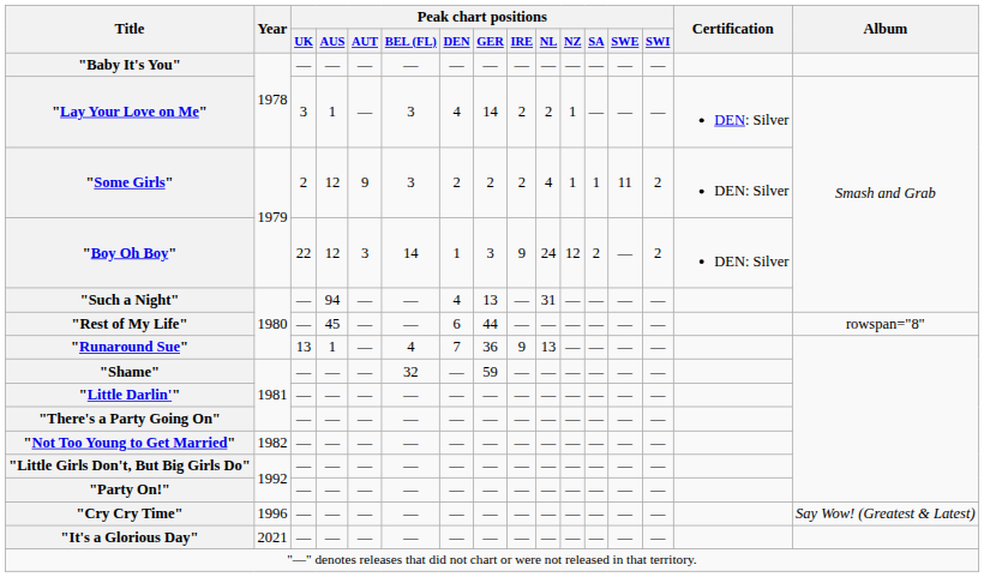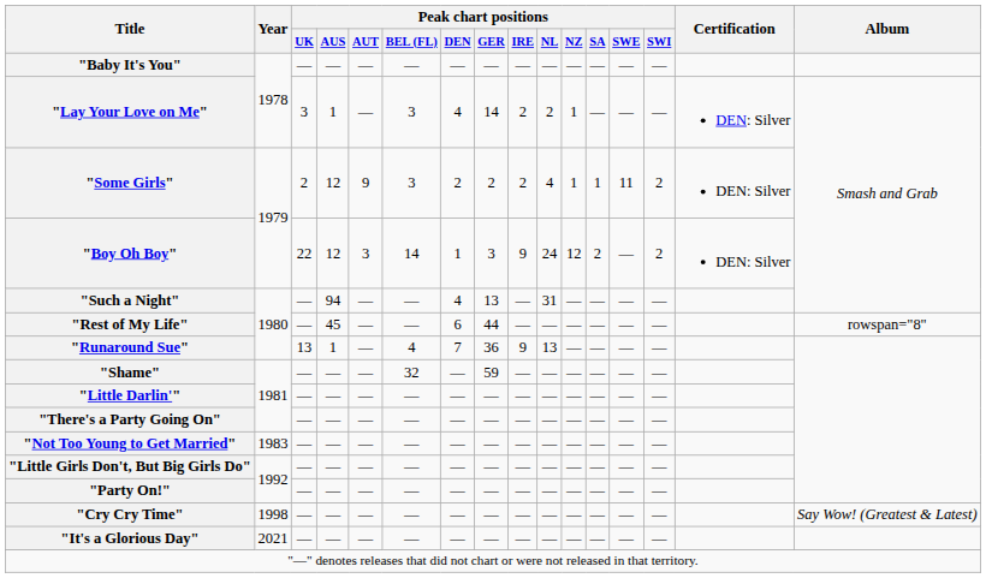 <table class="wikitable plainrowheaders" style="text-align:center;">
 <tr>
 <th rowspan="2">Title</th>
 <th rowspan="2">Year</th>
 <th colspan="12">Peak chart positions</th>
 <th rowspan="2">Certification</th>
 <th rowspan="2">Album</th>
 </tr>
 <tr>
 <th scope="col"><small><a href='#'>UK</a></small><br></th>
 <th scope="col"><small><a href='#'>AUS</a></small><br></th>
 <th><small><a href='#'>AUT</a></small><br></th>
 <th><small><a href='#'>BEL (FL)</a></small><br></th>
 <th><small><a href='#'>DEN</a></small><br></th>
 <th><small><a href='#'>GER</a></small><br></th>
 <th><small><a href='#'>IRE</a></small><br></th>
 <th><small><a href='#'>NL</a></small><br></th>
 <th><small><a href='#'>NZ</a></small><br></th>
 <th><small><a href='#'>SA</a></small><br></th>
 <th><small><a href='#'>SWE</a></small><br></th>
 <th><small><a href='#'>SWI</a></small><br></th>
 </tr>
 <tr>
 <th scope="row">"Baby It's You"</th>
 <td rowspan="2">1978</td>
 <td>—</td>
 <td>—</td>
 <td>—</td>
 <td>—</td>
 <td>—</td>
 <td>—</td>
 <td>—</td>
 <td>—</td>
 <td>—</td>
 <td>—</td>
 <td>—</td>
 <td>—</td>
 <td></td>
 <td></td>
 </tr>
 <tr>
 <th scope="row">"<a href='#'>Lay Your Love on Me</a>"</th>
 <td align="center">3</td>
 <td>1</td>
 <td>—</td>
 <td>3</td>
 <td>4</td>
 <td>14</td>
 <td>2</td>
 <td>2</td>
 <td>1</td>
 <td>—</td>
 <td>—</td>
 <td>—</td>
 <td><br><ul><li><a href='#'>DEN</a>: Silver</li></ul></td>
 <td rowspan="4"><em>Smash and Grab</em></td>
 </tr>
 <tr>
 <th scope="row">"<a href='#'>Some Girls</a>"</th>
 <td rowspan="2">1979</td>
 <td align="center">2</td>
 <td>12</td>
 <td>9</td>
 <td>3</td>
 <td>2</td>
 <td>2</td>
 <td>2</td>
 <td>4</td>
 <td>1</td>
 <td>1</td>
 <td>11</td>
 <td>2</td>
 <td><br><ul><li>DEN: Silver</li></ul></td>
 </tr>
 <tr>
 <th scope="row">"<a href='#'>Boy Oh Boy</a>"</th>
 <td align="center">22</td>
 <td>12</td>
 <td>3</td>
 <td>14</td>
 <td>1</td>
 <td>3</td>
 <td>9</td>
 <td>24</td>
 <td>12</td>
 <td>2</td>
 <td>—</td>
 <td>2</td>
 <td><br><ul><li>DEN: Silver</li></ul></td>
 </tr>
 <tr>
 <th scope="row">"Such a Night"</th>
 <td rowspan="3">1980</td>
 <td align="center">—</td>
 <td>94</td>
 <td>—</td>
 <td>—</td>
 <td>4</td>
 <td>13</td>
 <td>—</td>
 <td>31</td>
 <td>—</td>
 <td>—</td>
 <td>—</td>
 <td>—</td>
 <td></td>
 </tr>
 <tr>
 <th scope="row">"Rest of My Life"</th>
 <td align="center">—</td>
 <td>45</td>
 <td>—</td>
 <td>—</td>
 <td>6</td>
 <td>44</td>
 <td>—</td>
 <td>—</td>
 <td>—</td>
 <td>—</td>
 <td>—</td>
 <td>—</td>
 <td></td>
 <td>rowspan="8" </td>
 </tr>
 <tr>
 <th scope="row">"<a href='#'>Runaround Sue</a>"</th>
 <td align="center">13</td>
 <td>1</td>
 <td>—</td>
 <td>4</td>
 <td>7</td>
 <td>36</td>
 <td>9</td>
 <td>13</td>
 <td>—</td>
 <td>—</td>
 <td>—</td>
 <td>—</td>
 <td></td>
 </tr>
 <tr>
 <th scope="row">"Shame"</th>
 <td rowspan="3">1981</td>
 <td align="center">—</td>
 <td>—</td>
 <td>—</td>
 <td>32</td>
 <td>—</td>
 <td>59</td>
 <td>—</td>
 <td>—</td>
 <td>—</td>
 <td>—</td>
 <td>—</td>
 <td>—</td>
 <td></td>
 </tr>
 <tr>
 <th scope="row">"<a href='#'>Little Darlin'</a>"</th>
 <td>—</td>
 <td>—</td>
 <td>—</td>
 <td>—</td>
 <td>—</td>
 <td>—</td>
 <td>—</td>
 <td>—</td>
 <td>—</td>
 <td>—</td>
 <td>—</td>
 <td>—</td>
 <td></td>
 </tr>
 <tr>
 <th scope="row">"There's a Party Going On"</th>
 <td align="center">—</td>
 <td>—</td>
 <td>—</td>
 <td>—</td>
 <td>—</td>
 <td>—</td>
 <td>—</td>
 <td>—</td>
 <td>—</td>
 <td>—</td>
 <td>—</td>
 <td>—</td>
 <td></td>
 </tr>
 <tr>
 <th scope="row">"<a href='#'>Not Too Young to Get Married</a>"</th>
-<td>1982</td>
+<td>1983</td>
 <td>—</td>
 <td>—</td>
 <td>—</td>
 <td>—</td>
 <td>—</td>
 <td>—</td>
 <td>—</td>
 <td>—</td>
 <td>—</td>
 <td>—</td>
 <td>—</td>
 <td>—</td>
 <td></td>
 </tr>
 <tr>
 <th scope="row">"Little Girls Don't, But Big Girls Do"</th>
 <td rowspan="2">1992</td>
 <td>—</td>
 <td>—</td>
 <td>—</td>
 <td>—</td>
 <td>—</td>
 <td>—</td>
 <td>—</td>
 <td>—</td>
 <td>—</td>
 <td>—</td>
 <td>—</td>
 <td>—</td>
 <td></td>
 </tr>
 <tr>
 <th scope="row">"Party On!"</th>
 <td>—</td>
 <td>—</td>
 <td>—</td>
 <td>—</td>
 <td>—</td>
 <td>—</td>
 <td>—</td>
 <td>—</td>
 <td>—</td>
 <td>—</td>
 <td>—</td>
 <td>—</td>
 <td></td>
 </tr>
 <tr>
 <th scope="row">"Cry Cry Time"</th>
-<td>1996</td>
+<td>1998</td>
 <td>—</td>
 <td>—</td>
 <td>—</td>
 <td>—</td>
 <td>—</td>
 <td>—</td>
 <td>—</td>
 <td>—</td>
 <td>—</td>
 <td>—</td>
 <td>—</td>
 <td>—</td>
 <td></td>
 <td><em>Say Wow! (Greatest & Latest)</em></td>
 </tr>
 <tr>
 <th scope="row">"It's a Glorious Day"</th>
 <td>2021</td>
 <td>—</td>
 <td>—</td>
 <td>—</td>
 <td>—</td>
 <td>—</td>
 <td>—</td>
 <td>—</td>
 <td>—</td>
 <td>—</td>
 <td>—</td>
 <td>—</td>
 <td>—</td>
 <td></td>
 <td></td>
 </tr>
 <tr>
 <td colspan="16" style="font-size:90%">"—" denotes releases that did not chart or were not released in that territory.</td>
 </tr>
 </table>
